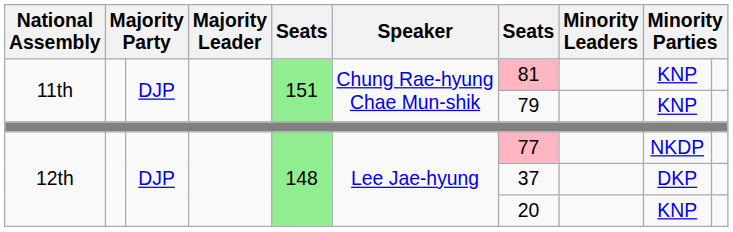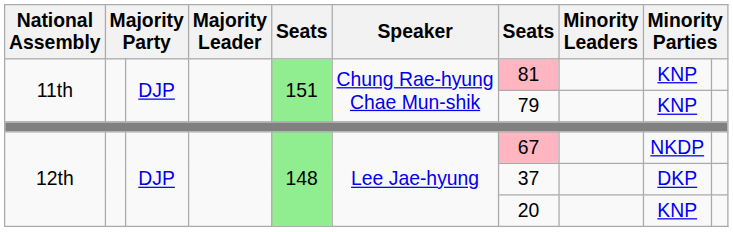 <table class="wikitable" style="font-size:96%; text-align:center;">
 <tr>
 <th>National<br>Assembly</th>
 <th colspan="2">Majority<br>Party</th>
 <th>Majority<br>Leader</th>
 <th>Seats</th>
 <th>Speaker</th>
 <th>Seats</th>
 <th>Minority<br>Leaders</th>
 <th colspan="2">Minority<br>Parties</th>
 </tr>
 <tr>
 <td rowspan="2">11th<br></td>
 <td rowspan="2" style="background: "> </td>
 <td rowspan="2"><a href='#'>DJP</a></td>
 <td rowspan="2"></td>
 <td rowspan="2" style="background:lightgreen;">151</td>
 <td rowspan="2"> <a href='#'>Chung Rae-hyung</a> <br> <a href='#'>Chae Mun-shik</a> </td>
 <td style="background:lightpink;">81</td>
 <td></td>
 <td><a href='#'>KNP</a></td>
 <td style="background: "> </td>
 </tr>
 <tr>
 <td>79</td>
 <td></td>
 <td><a href='#'>KNP</a></td>
 <td style="background: "></td>
 </tr>
 <tr>
 <td bgcolor="grey" colspan = "10"></td>
 </tr>
 <tr>
 <td rowspan="3">12th<br></td>
 <td rowspan="3" style="background: "></td>
 <td rowspan="3"><a href='#'>DJP</a></td>
 <td rowspan="3"></td>
 <td rowspan="3" style="background:lightgreen;">148</td>
 <td rowspan="3"><a href='#'>Lee Jae-hyung</a> </td>
-<td style="background:lightpink;">77</td>
+<td style="background:lightpink;">67</td>
 <td></td>
 <td><a href='#'>NKDP</a></td>
 <td style="background: "></td>
 </tr>
 <tr>
 <td>37</td>
 <td></td>
 <td><a href='#'>DKP</a></td>
 <td style="background: "></td>
 </tr>
 <tr>
 <td>20</td>
 <td></td>
 <td><a href='#'>KNP</a></td>
 <td style="background: "></td>
 </tr>
 </table>
